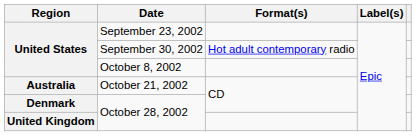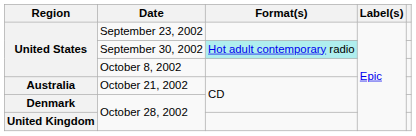 <table class="wikitable plainrowheaders">
 <tr>
 <th scope="col">Region</th>
 <th scope="col">Date</th>
 <th scope="col">Format(s)</th>
 <th scope="col">Label(s)</th>
 <th scope="col"></th>
 </tr>
 <tr>
 <th scope="row" rowspan="3">United States</th>
 <td>September 23, 2002</td>
 <td></td>
 <td rowspan="6"><a href='#'>Epic</a></td>
 <td align="center"></td>
 </tr>
 <tr>
 <td>September 30, 2002</td>
-<td><a href='#'>Hot adult contemporary</a> radio</td>
+<td style="background: paleturquoise;"><a href='#'>Hot adult contemporary</a> radio</td>
 <td align="center"></td>
 </tr>
 <tr>
 <td>October 8, 2002</td>
 <td></td>
 <td align="center"></td>
 </tr>
 <tr>
 <th scope="row">Australia</th>
 <td>October 21, 2002</td>
 <td rowspan="2">CD</td>
 <td align="center"></td>
 </tr>
 <tr>
 <th scope="row">Denmark</th>
 <td rowspan="2">October 28, 2002</td>
 <td align="center"></td>
 </tr>
 <tr>
 <th scope="row">United Kingdom</th>
 <td></td>
 <td align="center"></td>
 </tr>
 </table>
